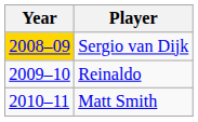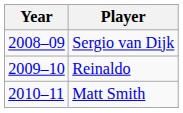 <table class="wikitable">
 <tr>
 <th>Year</th>
 <th>Player</th>
 </tr>
 <tr>
-<td style="background: gold;"><a href='#'>2008–09</a></td>
+<td><a href='#'>2008–09</a></td>
 <td> <a href='#'>Sergio van Dijk</a></td>
 </tr>
 <tr>
 <td><a href='#'>2009–10</a></td>
 <td> <a href='#'>Reinaldo</a></td>
 </tr>
 <tr>
 <td><a href='#'>2010–11</a></td>
 <td> <a href='#'>Matt Smith</a></td>
 </tr>
 </table>
